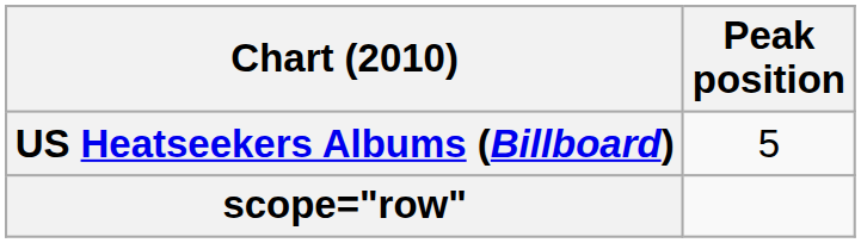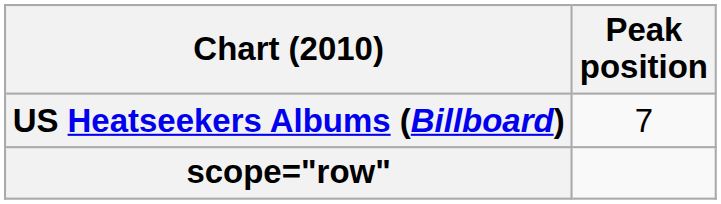 <table class="wikitable sortable plainrowheaders" style="text-align: center;">
 <tr>
 <th scope="col">Chart (2010)</th>
 <th scope="col">Peak<br>position</th>
 </tr>
 <tr>
 <th scope="row">US <a href='#'>Heatseekers Albums</a> (<em><a href='#'>Billboard</a></em>)</th>
-<td>5</td>
+<td>7</td>
 </tr>
 <tr>
 <th>scope="row"</th>
 </tr>
 </table>
